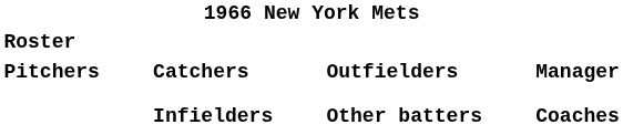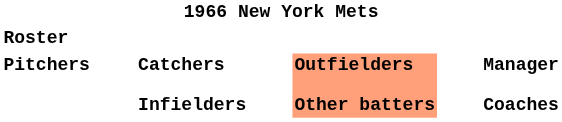 <table class="toccolours" style="font-size: 95%;">
 <tr>
 <th colspan="10">1966 New York Mets</th>
 </tr>
 <tr>
 <td colspan="10"><strong>Roster</strong></td>
 </tr>
 <tr>
 <td valign="top"><strong>Pitchers</strong><br>                  </td>
 <td width="25px"></td>
 <td valign="top"><strong>Catchers</strong><br>    <br><strong>Infielders</strong>        </td>
 <td width="25px"></td>
-<td valign="top"><strong>Outfielders</strong><br>        <br><strong>Other batters</strong> </td>
+<td valign="top" style="background: lightsalmon;"><strong>Outfielders</strong><br>        <br><strong>Other batters</strong> </td>
 <td width="25px"></td>
 <td valign="top"><strong>Manager</strong><br><br><strong>Coaches</strong>    </td>
 </tr>
 </table>
